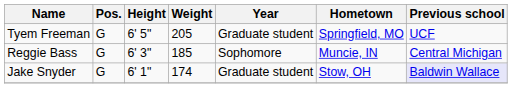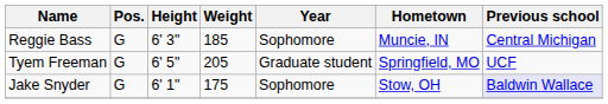 <table class="wikitable sortable" border="1">
 <tr align=center>
 <th>Name</th>
 <th>Pos.</th>
 <th>Height</th>
 <th>Weight</th>
 <th>Year</th>
 <th>Hometown</th>
 <th>Previous school</th>
 </tr>
 <tr>
+<td>Reggie Bass</td>
+<td>G</td>
+<td>6' 3"</td>
+<td>185</td>
+<td>Sophomore</td>
+<td><a href='#'>Muncie, IN</a></td>
+<td><a href='#'>Central Michigan</a></td>
+</tr>
+<tr>
 <td>Tyem Freeman</td>
 <td>G</td>
 <td>6' 5"</td>
 <td>205</td>
 <td>Graduate student</td>
 <td><a href='#'>Springfield, MO</a></td>
 <td><a href='#'>UCF</a></td>
 </tr>
 <tr>
-<td>Reggie Bass</td>
-<td>G</td>
-<td>6' 3"</td>
-<td>185</td>
-<td>Sophomore</td>
-<td><a href='#'>Muncie, IN</a></td>
-<td><a href='#'>Central Michigan</a></td>
-</tr>
-<tr>
 <td>Jake Snyder</td>
 <td>G</td>
 <td>6' 1"</td>
-<td>174</td>
-<td>Graduate student</td>
+<td>175</td>
+<td>Sophomore</td>
 <td><a href='#'>Stow, OH</a></td>
 <td style="background: lavender;"><a href='#'>Baldwin Wallace</a></td>
 </tr>
 <tr>
 </tr>
 </table>
